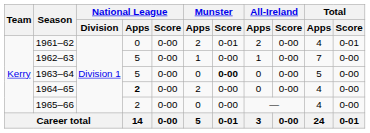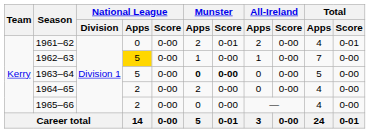 <table class="wikitable" style="text-align:center">
 <tr>
 <th rowspan="2">Team</th>
 <th rowspan="2">Season</th>
 <th colspan="3"><a href='#'>National League</a></th>
 <th colspan="2"><a href='#'>Munster</a></th>
 <th colspan="2"><a href='#'>All-Ireland</a></th>
 <th colspan="2">Total</th>
 </tr>
 <tr>
 <th>Division</th>
 <th>Apps</th>
 <th>Score</th>
 <th>Apps</th>
 <th>Score</th>
 <th>Apps</th>
 <th>Score</th>
 <th>Apps</th>
 <th>Score</th>
 </tr>
 <tr>
 <td rowspan="5"><a href='#'>Kerry</a></td>
 <td>1961–62</td>
 <td rowspan="5"><a href='#'>Division 1</a></td>
 <td>0</td>
 <td>0-00</td>
 <td>2</td>
 <td>0-01</td>
 <td>2</td>
 <td>0-00</td>
 <td>4</td>
 <td>0-01</td>
 </tr>
 <tr>
 <td>1962–63</td>
-<td>5</td>
+<td style="background: gold;">5</td>
 <td>0-00</td>
 <td>1</td>
 <td>0-00</td>
 <td>1</td>
 <td>0-00</td>
 <td>7</td>
 <td>0-00</td>
 </tr>
 <tr>
 <td>1963–64</td>
 <td>5</td>
 <td>0-00</td>
-<td>0</td>
+<td><strong>0</strong></td>
 <td><strong>0-00</strong></td>
 <td>0</td>
 <td>0-00</td>
 <td>5</td>
 <td>0-00</td>
 </tr>
 <tr>
 <td>1964–65</td>
-<td><strong>2</strong></td>
+<td>2</td>
 <td>0-00</td>
 <td>2</td>
 <td>0-00</td>
 <td>0</td>
 <td>0-00</td>
 <td>4</td>
 <td>0-00</td>
 </tr>
 <tr>
 <td>1965–66</td>
 <td>2</td>
 <td>0-00</td>
 <td>0</td>
 <td>0-00</td>
 <td colspan=2>—</td>
 <td>4</td>
 <td>0-00</td>
 </tr>
 <tr>
 <th colspan="3">Career total</th>
 <th>14</th>
 <th>0-00</th>
 <th>5</th>
 <th>0-01</th>
 <th>3</th>
 <th>0-00</th>
 <th>24</th>
 <th>0-01</th>
 </tr>
 </table>
